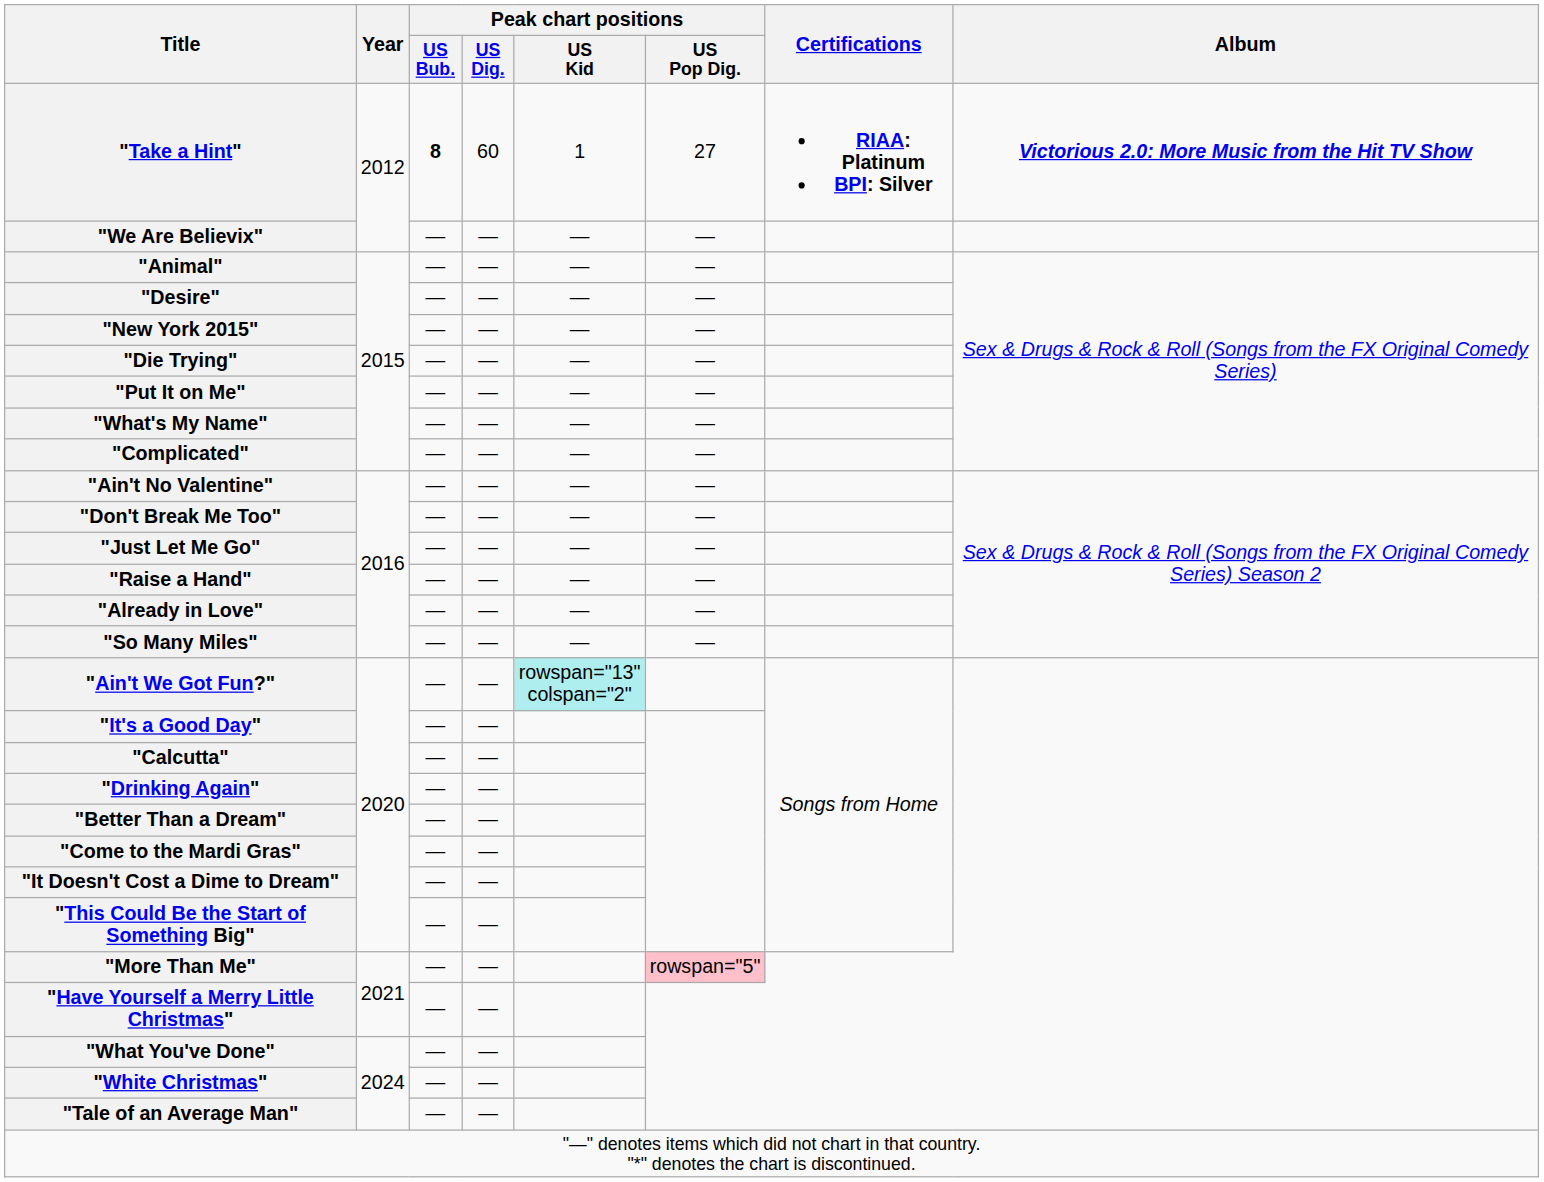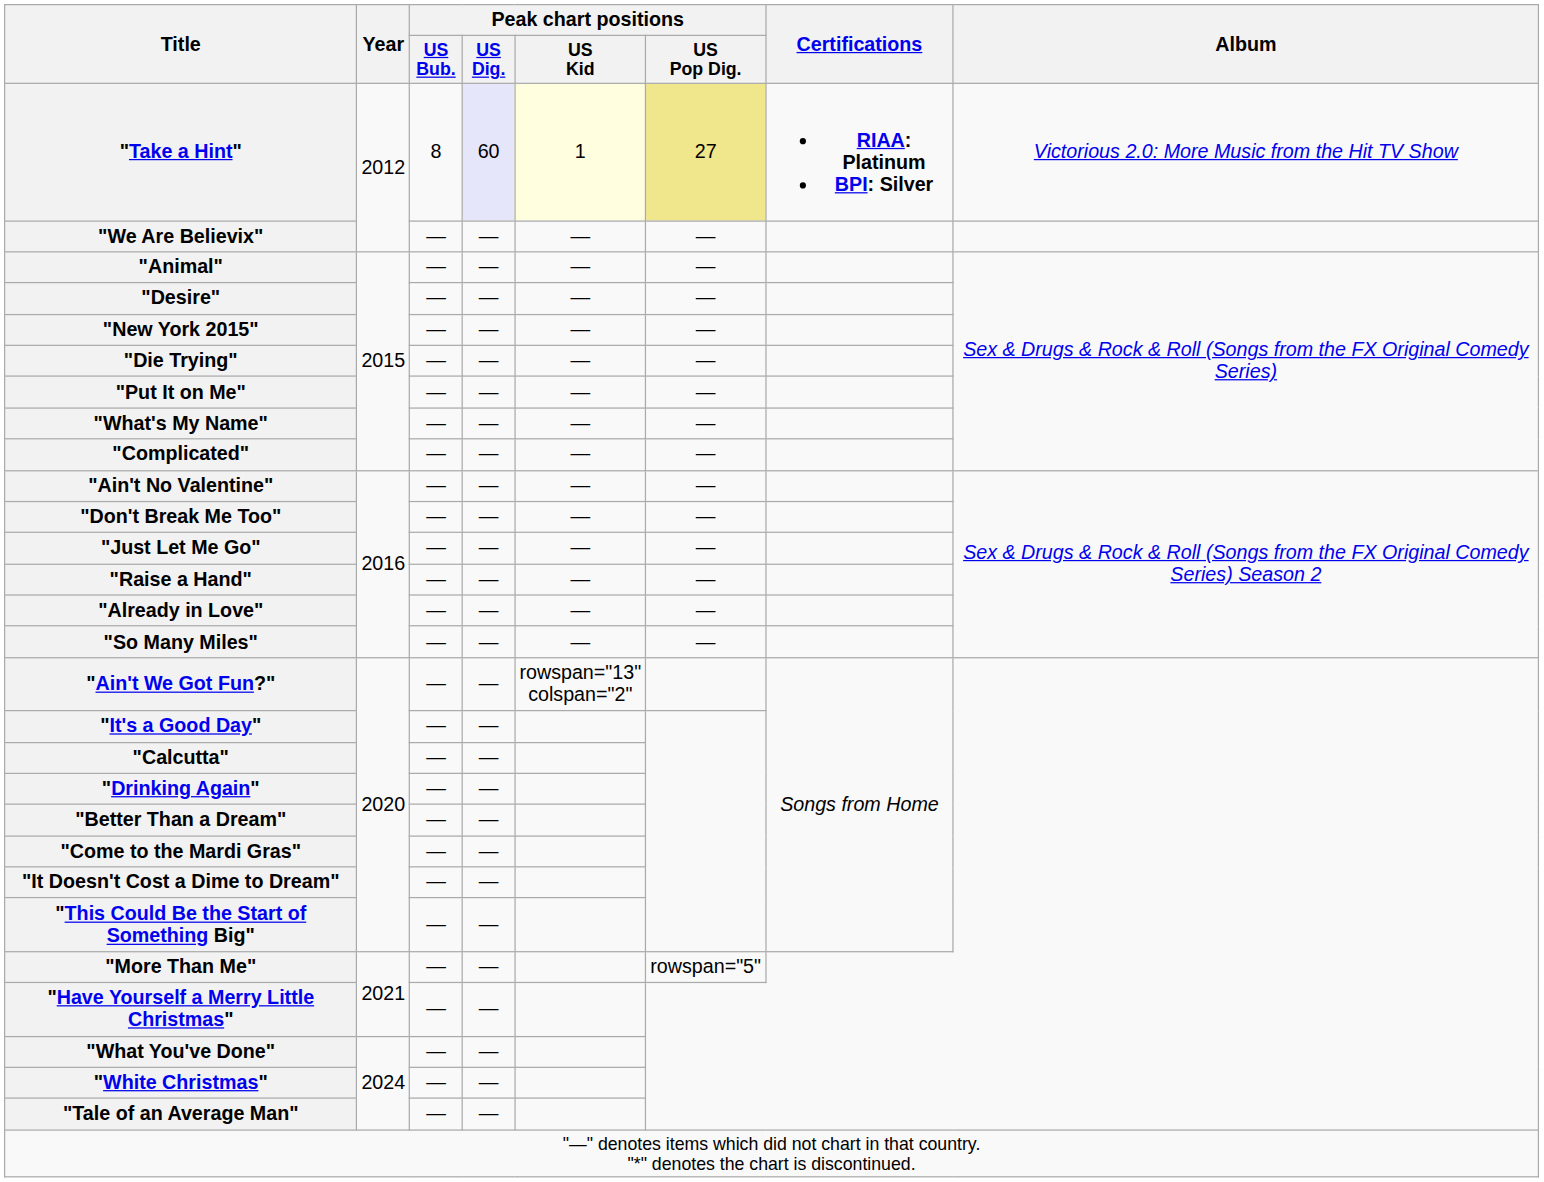 <table class="wikitable plainrowheaders" style="text-align:center;">
 <tr>
 <th scope="col" rowspan="2">Title</th>
 <th scope="col" rowspan="2">Year</th>
 <th scope="col" colspan="4">Peak chart positions</th>
 <th scope="col" rowspan="2"><a href='#'>Certifications</a></th>
 <th scope="col" rowspan="2">Album</th>
 </tr>
 <tr>
 <th style="width:2.5em;font-size:90%"><a href='#'>US<br>Bub.</a><br></th>
 <th style="width:2.5em;font-size:90%"><a href='#'>US<br>Dig.</a><br></th>
 <th style="width:2.5em;font-size:90%">US<br>Kid<br></th>
 <th style="width:2.5em;font-size:90%">US<br>Pop Dig.<br></th>
 </tr>
 <tr>
 <th scope="row">"<a href='#'>Take a Hint</a>"<br></th>
 <td rowspan="2">2012</td>
-<td><strong>8</strong></td>
-<td>60</td>
-<td>1</td>
-<td>27</td>
+<td>8</td>
+<td style="background: lavender;">60</td>
+<td style="background: lightyellow;">1</td>
+<td style="background: khaki;">27</td>
 <td><strong><br><ul><li><a href='#'>RIAA</a>: Platinum</li><li><a href='#'>BPI</a>: Silver</li></ul></strong></td>
-<td><strong><em><a href='#'>Victorious 2.0: More Music from the Hit TV Show</a></em></strong></td>
+<td><em><a href='#'>Victorious 2.0: More Music from the Hit TV Show</a></em></td>
 </tr>
 <tr>
 <th scope="row">"We Are Believix"<br></th>
 <td>—</td>
 <td>—</td>
 <td>—</td>
 <td>—</td>
 <td></td>
 <td></td>
 </tr>
 <tr>
 <th scope="row">"Animal"<br></th>
 <td rowspan="7">2015</td>
 <td>—</td>
 <td>—</td>
 <td>—</td>
 <td>—</td>
 <td></td>
 <td rowspan="7"><em><a href='#'>Sex & Drugs & Rock & Roll (Songs from the FX Original Comedy Series)</a></em></td>
 </tr>
 <tr>
 <th scope="row">"Desire"<br></th>
 <td>—</td>
 <td>—</td>
 <td>—</td>
 <td>—</td>
 <td></td>
 </tr>
 <tr>
 <th scope="row">"New York 2015"<br></th>
 <td>—</td>
 <td>—</td>
 <td>—</td>
 <td>—</td>
 <td></td>
 </tr>
 <tr>
 <th scope="row">"Die Trying"<br></th>
 <td>—</td>
 <td>—</td>
 <td>—</td>
 <td>—</td>
 <td></td>
 </tr>
 <tr>
 <th scope="row">"Put It on Me"<br></th>
 <td>—</td>
 <td>—</td>
 <td>—</td>
 <td>—</td>
 <td></td>
 </tr>
 <tr>
 <th scope="row">"What's My Name"<br></th>
 <td>—</td>
 <td>—</td>
 <td>—</td>
 <td>—</td>
 <td></td>
 </tr>
 <tr>
 <th scope="row">"Complicated"<br></th>
 <td>—</td>
 <td>—</td>
 <td>—</td>
 <td>—</td>
 <td></td>
 </tr>
 <tr>
 <th scope="row">"Ain't No Valentine"<br></th>
 <td rowspan="6">2016</td>
 <td>—</td>
 <td>—</td>
 <td>—</td>
 <td>—</td>
 <td></td>
 <td rowspan="6"><em><a href='#'>Sex & Drugs & Rock & Roll (Songs from the FX Original Comedy Series) Season 2</a></em></td>
 </tr>
 <tr>
 <th scope="row">"Don't Break Me Too"<br></th>
 <td>—</td>
 <td>—</td>
 <td>—</td>
 <td>—</td>
 <td></td>
 </tr>
 <tr>
 <th scope="row">"Just Let Me Go"<br></th>
 <td>—</td>
 <td>—</td>
 <td>—</td>
 <td>—</td>
 <td></td>
 </tr>
 <tr>
 <th scope="row">"Raise a Hand"<br></th>
 <td>—</td>
 <td>—</td>
 <td>—</td>
 <td>—</td>
 <td></td>
 </tr>
 <tr>
 <th scope="row">"Already in Love"<br></th>
 <td>—</td>
 <td>—</td>
 <td>—</td>
 <td>—</td>
 <td></td>
 </tr>
 <tr>
 <th scope="row">"So Many Miles"<br></th>
 <td>—</td>
 <td>—</td>
 <td>—</td>
 <td>—</td>
 <td></td>
 </tr>
 <tr>
 <th scope="row">"<a href='#'>Ain't We Got Fun</a>?"<br></th>
 <td rowspan="8">2020</td>
 <td>—</td>
 <td>—</td>
-<td style="background: paleturquoise;">rowspan="13" colspan="2" </td>
+<td>rowspan="13" colspan="2" </td>
 <td></td>
 <td rowspan="8"><em>Songs from Home</em></td>
 </tr>
 <tr>
 <th scope="row">"<a href='#'>It's a Good Day</a>"<br></th>
 <td>—</td>
 <td>—</td>
 <td></td>
 </tr>
 <tr>
 <th scope="row">"Calcutta"<br></th>
 <td>—</td>
 <td>—</td>
 <td></td>
 </tr>
 <tr>
 <th scope="row">"<a href='#'>Drinking Again</a>"<br></th>
 <td>—</td>
 <td>—</td>
 <td></td>
 </tr>
 <tr>
 <th scope="row">"Better Than a Dream"<br></th>
 <td>—</td>
 <td>—</td>
 <td></td>
 </tr>
 <tr>
 <th scope="row">"Come to the Mardi Gras"<br></th>
 <td>—</td>
 <td>—</td>
 <td></td>
 </tr>
 <tr>
 <th scope="row">"It Doesn't Cost a Dime to Dream"<br></th>
 <td>—</td>
 <td>—</td>
 <td></td>
 </tr>
 <tr>
 <th scope="row">"<a href='#'>This Could Be the Start of Something</a> Big"<br></th>
 <td>—</td>
 <td>—</td>
 <td></td>
 </tr>
 <tr>
 <th scope="row">"More Than Me"</th>
 <td rowspan="2">2021</td>
 <td>—</td>
 <td>—</td>
 <td></td>
-<td style="background: pink;">rowspan="5" </td>
+<td>rowspan="5" </td>
 </tr>
 <tr>
 <th scope="row">"<a href='#'>Have Yourself a Merry Little Christmas</a>"<br></th>
 <td>—</td>
 <td>—</td>
 <td></td>
 </tr>
 <tr>
 <th scope="row">"What You've Done"<br></th>
 <td rowspan="3">2024</td>
 <td>—</td>
 <td>—</td>
 <td></td>
 </tr>
 <tr>
 <th scope="row">"<a href='#'>White Christmas</a>"<br></th>
 <td>—</td>
 <td>—</td>
 <td></td>
 </tr>
 <tr>
 <th scope="row">"Tale of an Average Man"<br></th>
 <td>—</td>
 <td>—</td>
 <td></td>
 </tr>
 <tr>
 <td colspan="8" style="font-size:90%;">"—" denotes items which did not chart in that country.<br>"*" denotes the chart is discontinued.</td>
 </tr>
 </table>
